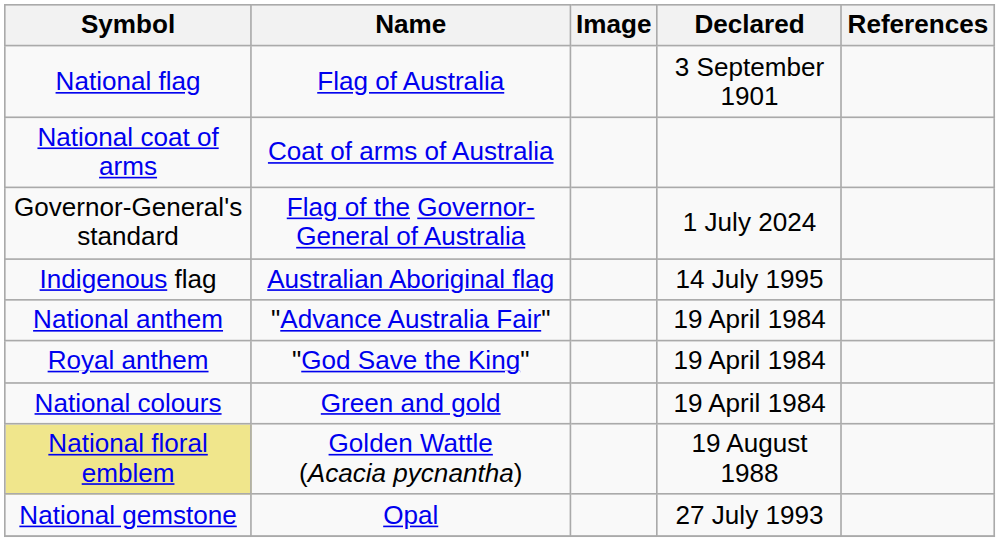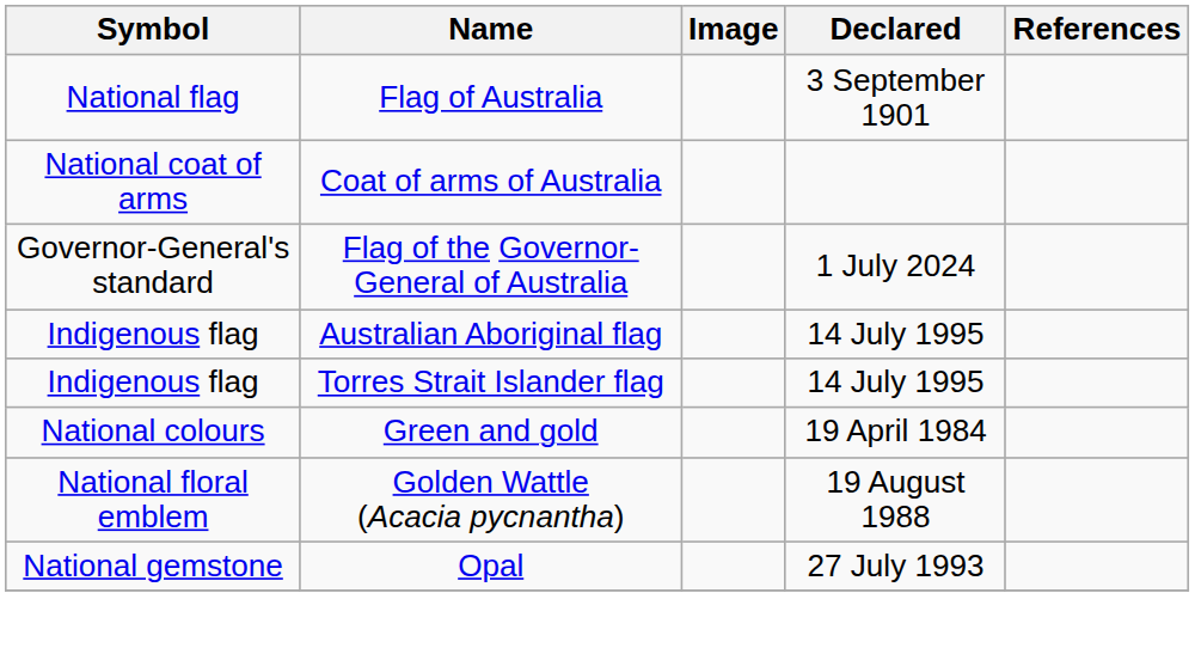 <table class="wikitable plainrowheaders" style="text-align:center;">
 <tr>
 <th>Symbol</th>
 <th>Name</th>
 <th>Image</th>
 <th>Declared</th>
 <th>References</th>
 </tr>
 <tr>
 <td><a href='#'>National flag</a></td>
 <td><a href='#'>Flag of Australia</a></td>
 <td></td>
 <td>3 September 1901</td>
 <td></td>
 </tr>
 <tr>
 <td><a href='#'>National coat of arms</a></td>
 <td><a href='#'>Coat of arms of Australia</a></td>
 <td></td>
 <td></td>
 <td></td>
 </tr>
 <tr>
 <td>Governor-General's standard</td>
 <td><a href='#'>Flag of the</a> <a href='#'>Governor-General of Australia</a></td>
 <td style="text-align:center;"></td>
 <td>1 July 2024</td>
 <td></td>
 </tr>
 <tr>
 <td><a href='#'>Indigenous</a> flag</td>
 <td><a href='#'>Australian Aboriginal flag</a></td>
 <td></td>
 <td>14 July 1995</td>
 <td></td>
 </tr>
 <tr>
-<td><a href='#'>National anthem</a></td>
-<td>"<a href='#'>Advance Australia Fair</a>"</td>
-<td><br></td>
-<td>19 April 1984</td>
+<td><a href='#'>Indigenous</a> flag</td>
+<td><a href='#'>Torres Strait Islander flag</a></td>
 <td></td>
-</tr>
-<tr>
-<td><a href='#'>Royal anthem</a></td>
-<td>"<a href='#'>God Save the King</a>"</td>
-<td><br></td>
-<td>19 April 1984</td>
+<td>14 July 1995</td>
 <td></td>
 </tr>
 <tr>
 <td><a href='#'>National colours</a></td>
 <td><a href='#'>Green and gold</a></td>
 <td align=center></td>
 <td>19 April 1984</td>
 <td></td>
 </tr>
 <tr>
-<td style="background: khaki;"><a href='#'>National floral emblem</a></td>
+<td><a href='#'>National floral emblem</a></td>
 <td><a href='#'>Golden Wattle</a><br>(<em>Acacia pycnantha</em>)</td>
 <td></td>
 <td>19 August 1988</td>
 <td></td>
 </tr>
 <tr>
 <td><a href='#'>National gemstone</a></td>
 <td><a href='#'>Opal</a></td>
 <td></td>
 <td>27 July 1993</td>
 <td></td>
 </tr>
 <tr>
 </tr>
 </table>
